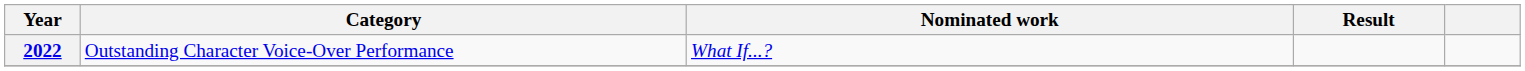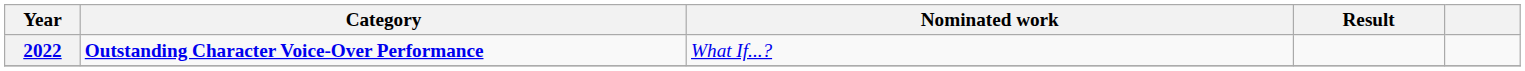 <table class="wikitable plainrowheaders" style="width:100%;">
 <tr>
 <th scope="col" style="width:5%;">Year</th>
 <th scope="col" style="width:40%;">Category</th>
 <th scope="col" style="width:40%;">Nominated work</th>
 <th scope="col" style="width:10%;">Result</th>
 <th scope="col" style="width:5%;"></th>
 </tr>
 <tr>
 <th scope="row" style="text-align:center;"><a href='#'>2022</a></th>
-<td><a href='#'>Outstanding Character Voice-Over Performance</a></td>
+<td><strong><a href='#'>Outstanding Character Voice-Over Performance</a></strong></td>
 <td><em><a href='#'>What If...?</a></em> <br> </td>
 <td></td>
 <td style="text-align:center;"></td>
 </tr>
 <tr>
 </tr>
 </table>
